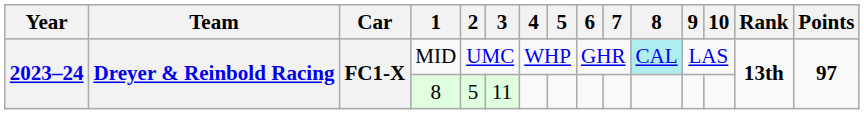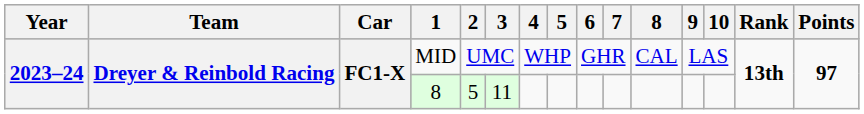 <table class="wikitable" style="text-align:center; font-size:85%;">
 <tr valign="top">
 <th>Year</th>
 <th>Team</th>
 <th>Car</th>
 <th>1</th>
 <th>2</th>
 <th>3</th>
 <th>4</th>
 <th>5</th>
 <th>6</th>
 <th>7</th>
 <th>8</th>
 <th>9</th>
 <th>10</th>
 <th>Rank</th>
 <th>Points</th>
 </tr>
 <tr>
 <th rowspan=2 nowrap><a href='#'>2023–24</a></th>
 <th rowspan=2 nowrap><a href='#'>Dreyer & Reinbold Racing</a></th>
 <th rowspan=2>FC1-X</th>
 <td MidAmerica Outdoors>MID</td>
 <td colspan=2><a href='#'>UMC</a></td>
 <td colspan=2><a href='#'>WHP</a></td>
 <td colspan=2><a href='#'>GHR</a></td>
-<td style="background: paleturquoise;"><a href='#'>CAL</a></td>
+<td><a href='#'>CAL</a></td>
 <td colspan=2><a href='#'>LAS</a></td>
 <td rowspan=2><strong>13th</strong></td>
 <td rowspan=2><strong>97</strong></td>
 </tr>
 <tr>
 <td style="background:#DFFFDF;">8</td>
 <td style="background:#DFFFDF;">5</td>
 <td style="background:#DFFFDF;">11</td>
 <td></td>
 <td></td>
 <td></td>
 <td></td>
 <td></td>
 <td></td>
 <td></td>
 </tr>
 </table>
